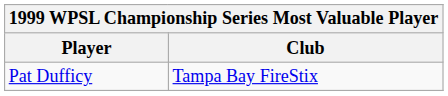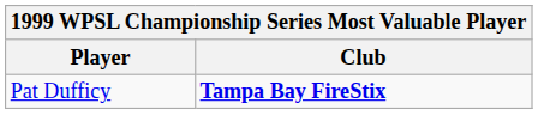 <table class="wikitable">
 <tr>
 <th colspan=3>1999 WPSL Championship Series Most Valuable Player</th>
 </tr>
 <tr>
 <th>Player</th>
 <th>Club</th>
 </tr>
 <tr>
 <td><a href='#'>Pat Dufficy</a></td>
-<td><a href='#'>Tampa Bay FireStix</a></td>
+<td><strong><a href='#'>Tampa Bay FireStix</a></strong></td>
 </tr>
 </table>
